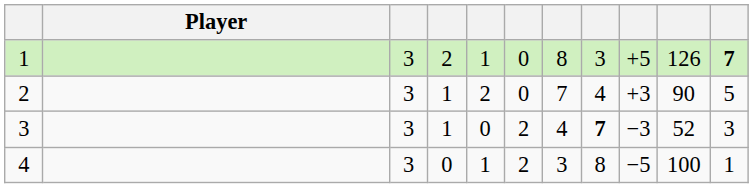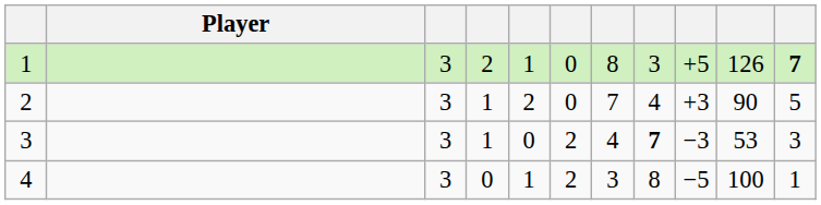 <table class="wikitable" style="text-align:center; margin: 1em auto 1em auto, align:left">
 <tr>
 <th width=20></th>
 <th width=240>Player</th>
 <th width=20></th>
 <th width=20></th>
 <th width=20></th>
 <th width=20></th>
 <th width=20></th>
 <th width=20></th>
 <th width=20></th>
 <th width=30></th>
 <th width=20></th>
 </tr>
 <tr style="background:#D0F0C0;">
 <td>1</td>
 <td align=left></td>
 <td>3</td>
 <td>2</td>
 <td>1</td>
 <td>0</td>
 <td>8</td>
 <td>3</td>
 <td>+5</td>
 <td>126</td>
 <td><strong>7</strong></td>
 </tr>
 <tr style=>
 <td>2</td>
 <td align=left></td>
 <td>3</td>
 <td>1</td>
 <td>2</td>
 <td>0</td>
 <td>7</td>
 <td>4</td>
 <td>+3</td>
 <td>90</td>
 <td>5</td>
 </tr>
 <tr style=>
 <td>3</td>
 <td align=left></td>
 <td>3</td>
 <td>1</td>
 <td>0</td>
 <td>2</td>
 <td>4</td>
 <td><strong>7</strong></td>
 <td>−3</td>
-<td>52</td>
+<td>53</td>
 <td>3</td>
 </tr>
 <tr style=>
 <td>4</td>
 <td align=left></td>
 <td>3</td>
 <td>0</td>
 <td>1</td>
 <td>2</td>
 <td>3</td>
 <td>8</td>
 <td>−5</td>
 <td>100</td>
 <td>1</td>
 </tr>
 </table>
